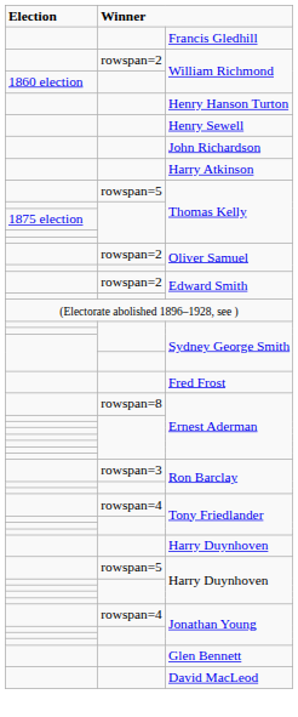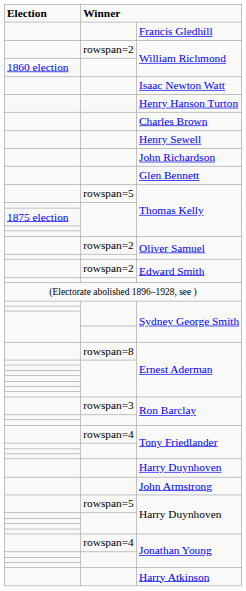 <table class="wikitable">
 <tr>
 <td width=100><strong>Election</strong></td>
 <td width=175 colspan=2><strong>Winner</strong></td>
 </tr>
 <tr>
 <td></td>
 <td></td>
 <td><a href='#'>Francis Gledhill</a></td>
 </tr>
 <tr>
 <td></td>
 <td>rowspan=2 </td>
 <td rowspan=2><a href='#'>William Richmond</a></td>
 </tr>
 <tr>
 <td><a href='#'>1860 election</a></td>
 </tr>
 <tr>
 <td></td>
 <td></td>
+<td><a href='#'>Isaac Newton Watt</a></td>
+</tr>
+<tr>
+<td></td>
+<td></td>
 <td><a href='#'>Henry Hanson Turton</a></td>
+</tr>
+<tr>
+<td></td>
+<td></td>
+<td><a href='#'>Charles Brown</a></td>
 </tr>
 <tr>
 <td></td>
 <td></td>
 <td><a href='#'>Henry Sewell</a></td>
 </tr>
 <tr>
 <td></td>
 <td></td>
 <td><a href='#'>John Richardson</a></td>
 </tr>
 <tr>
 <td></td>
 <td></td>
-<td><a href='#'>Harry Atkinson</a></td>
+<td><a href='#'>Glen Bennett</a></td>
 </tr>
 <tr>
 <td></td>
 <td>rowspan=5 </td>
 <td rowspan=5><a href='#'>Thomas Kelly</a></td>
 </tr>
 <tr>
 <td></td>
 </tr>
 <tr>
 <td><a href='#'>1875 election</a></td>
 </tr>
 <tr>
 <td></td>
 </tr>
 <tr>
 <td></td>
 </tr>
 <tr>
 <td></td>
 <td>rowspan=2 </td>
 <td rowspan=2><a href='#'>Oliver Samuel</a></td>
 </tr>
 <tr>
 <td></td>
 </tr>
 <tr>
 <td></td>
 <td>rowspan=2 </td>
 <td rowspan=2><a href='#'>Edward Smith</a></td>
 </tr>
 <tr>
 <td></td>
 </tr>
 <tr>
 <td colspan=3 align=center><small>(Electorate abolished 1896–1928, see )</small></td>
 </tr>
 <tr>
 <td></td>
 <td rowspan=2 style="border-bottom:solid 0 grey; background:"></td>
 <td rowspan=4><a href='#'>Sydney George Smith</a></td>
 </tr>
 <tr>
 <td></td>
 </tr>
 <tr>
 <td rowspan=2 height=36></td>
 <td style="border-top:solid 0 grey; background:"></td>
 </tr>
 <tr>
 <td></td>
-</tr>
-<tr>
-<td></td>
-<td></td>
-<td><a href='#'>Fred Frost</a></td>
 </tr>
 <tr>
 <td></td>
 <td>rowspan=8 </td>
 <td rowspan=8><a href='#'>Ernest Aderman</a></td>
 </tr>
 <tr>
 <td></td>
 </tr>
 <tr>
 <td></td>
 </tr>
 <tr>
 <td></td>
 </tr>
 <tr>
 <td></td>
 </tr>
 <tr>
 <td></td>
 </tr>
 <tr>
 <td></td>
 </tr>
 <tr>
 <td></td>
 </tr>
 <tr>
 <td></td>
 <td>rowspan=3 </td>
 <td rowspan=3><a href='#'>Ron Barclay</a></td>
 </tr>
 <tr>
 <td></td>
 </tr>
 <tr>
 <td></td>
 </tr>
 <tr>
 <td></td>
 <td>rowspan=4 </td>
 <td rowspan=4><a href='#'>Tony Friedlander</a></td>
 </tr>
 <tr>
 <td></td>
 </tr>
 <tr>
 <td></td>
 </tr>
 <tr>
 <td></td>
 </tr>
 <tr>
 <td></td>
 <td></td>
 <td><a href='#'>Harry Duynhoven</a></td>
 </tr>
 <tr>
 <td></td>
+<td></td>
+<td><a href='#'>John Armstrong</a></td>
+</tr>
+<tr>
+<td></td>
 <td>rowspan=5 </td>
 <td rowspan=5>Harry Duynhoven</td>
 </tr>
 <tr>
 <td></td>
 </tr>
 <tr>
 <td></td>
 </tr>
 <tr>
 <td></td>
 </tr>
 <tr>
 <td></td>
 </tr>
 <tr>
 <td></td>
 <td>rowspan=4 </td>
 <td rowspan=4><a href='#'>Jonathan Young</a></td>
 </tr>
 <tr>
 <td></td>
 </tr>
 <tr>
 <td></td>
 </tr>
 <tr>
 <td></td>
 </tr>
 <tr>
 <td></td>
 <td></td>
-<td><a href='#'>Glen Bennett</a></td>
-</tr>
-<tr>
-<td></td>
-<td></td>
-<td><a href='#'>David MacLeod</a></td>
+<td><a href='#'>Harry Atkinson</a></td>
 </tr>
 </table>
